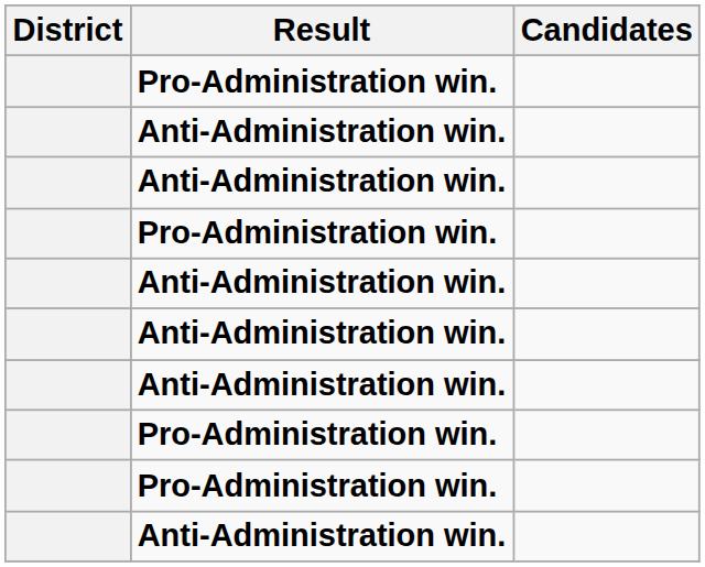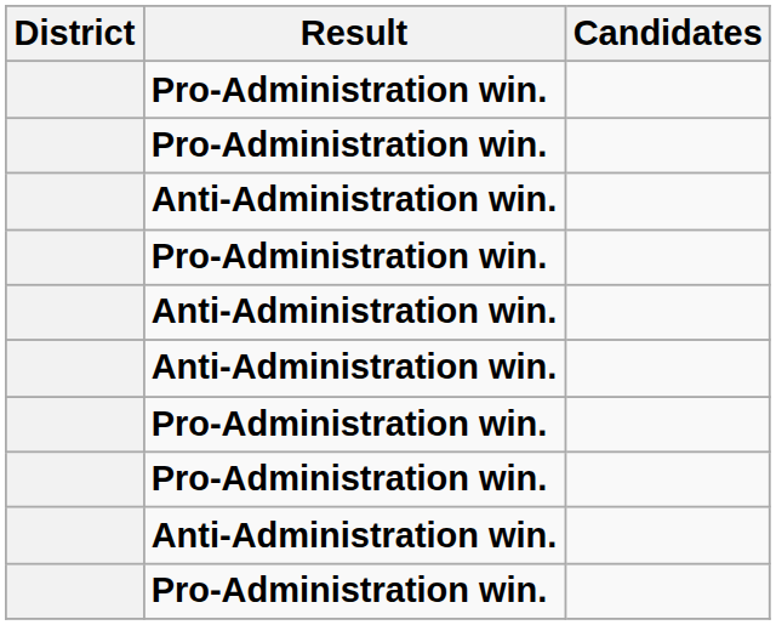 <table class=wikitable>
 <tr valign=bottom>
 <th>District</th>
 <th>Result</th>
 <th>Candidates</th>
 </tr>
 <tr>
 <th></th>
 <td><strong>Pro-Administration win.</strong></td>
 <td nowrap></td>
 </tr>
 <tr>
 <th></th>
-<td><strong>Anti-Administration win.</strong></td>
+<td><strong>Pro-Administration win.</strong></td>
 <td nowrap></td>
 </tr>
 <tr>
 <th></th>
 <td><strong>Anti-Administration win.</strong></td>
 <td nowrap></td>
 </tr>
 <tr>
 <th></th>
 <td><strong>Pro-Administration win.</strong></td>
 <td nowrap></td>
 </tr>
 <tr>
 <th></th>
 <td><strong>Anti-Administration win.</strong></td>
 <td nowrap></td>
 </tr>
 <tr>
 <th></th>
 <td><strong>Anti-Administration win.</strong></td>
 <td nowrap></td>
 </tr>
 <tr>
 <th></th>
-<td><strong>Anti-Administration win.</strong></td>
+<td><strong>Pro-Administration win.</strong></td>
 <td nowrap></td>
 </tr>
 <tr>
 <th></th>
 <td><strong>Pro-Administration win.</strong></td>
 <td nowrap><br></td>
 </tr>
 <tr>
 <th></th>
-<td><strong>Pro-Administration win.</strong></td>
+<td><strong>Anti-Administration win.</strong></td>
 <td nowrap></td>
 </tr>
 <tr>
 <th></th>
-<td><strong>Anti-Administration win.</strong></td>
+<td><strong>Pro-Administration win.</strong></td>
 <td nowrap></td>
 </tr>
 </table>
